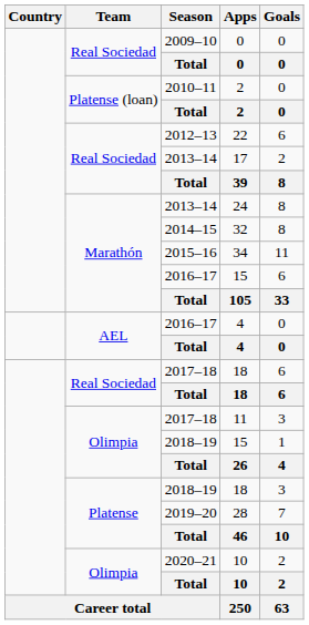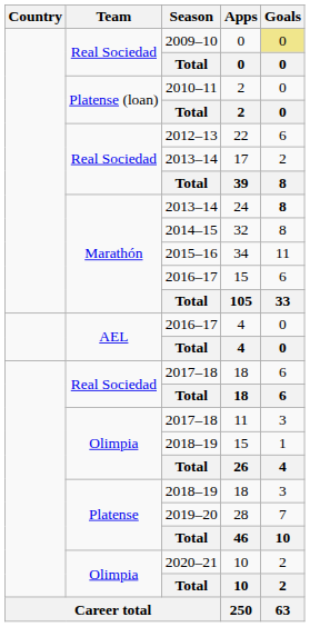 <table class="wikitable" style="text-align: center;">
 <tr>
 <th>Country</th>
 <th>Team</th>
 <th>Season</th>
 <th>Apps</th>
 <th>Goals</th>
 </tr>
 <tr>
 <td rowspan="12"></td>
 <td rowspan="2"><a href='#'>Real Sociedad</a></td>
 <td>2009–10</td>
 <td>0</td>
-<td>0</td>
+<td style="background: khaki;">0</td>
 </tr>
 <tr>
 <th>Total</th>
 <th>0</th>
 <th>0</th>
 </tr>
 <tr>
 <td rowspan="2"><a href='#'>Platense</a> (loan)</td>
 <td>2010–11</td>
 <td>2</td>
 <td>0</td>
 </tr>
 <tr>
 <th>Total</th>
 <th>2</th>
 <th>0</th>
 </tr>
 <tr>
 <td rowspan="3"><a href='#'>Real Sociedad</a></td>
 <td>2012–13</td>
 <td>22</td>
 <td>6</td>
 </tr>
 <tr>
 <td>2013–14</td>
 <td>17</td>
 <td>2</td>
 </tr>
 <tr>
 <th>Total</th>
 <th>39</th>
 <th>8</th>
 </tr>
 <tr>
 <td rowspan="5"><a href='#'>Marathón</a></td>
 <td>2013–14</td>
 <td>24</td>
-<td>8</td>
+<td><strong>8</strong></td>
 </tr>
 <tr>
 <td>2014–15</td>
 <td>32</td>
 <td>8</td>
 </tr>
 <tr>
 <td>2015–16</td>
 <td>34</td>
 <td>11</td>
 </tr>
 <tr>
 <td>2016–17</td>
 <td>15</td>
 <td>6</td>
 </tr>
 <tr>
 <th>Total</th>
 <th>105</th>
 <th>33</th>
 </tr>
 <tr>
 <td rowspan="2"></td>
 <td rowspan="2"><a href='#'>AEL</a></td>
 <td>2016–17</td>
 <td>4</td>
 <td>0</td>
 </tr>
 <tr>
 <th>Total</th>
 <th>4</th>
 <th>0</th>
 </tr>
 <tr>
 <td rowspan="10"></td>
 <td rowspan="2"><a href='#'>Real Sociedad</a></td>
 <td>2017–18</td>
 <td>18</td>
 <td>6</td>
 </tr>
 <tr>
 <th>Total</th>
 <th>18</th>
 <th>6</th>
 </tr>
 <tr>
 <td rowspan="3"><a href='#'>Olimpia</a></td>
 <td>2017–18</td>
 <td>11</td>
 <td>3</td>
 </tr>
 <tr>
 <td>2018–19</td>
 <td>15</td>
 <td>1</td>
 </tr>
 <tr>
 <th>Total</th>
 <th>26</th>
 <th>4</th>
 </tr>
 <tr>
 <td rowspan="3"><a href='#'>Platense</a></td>
 <td>2018–19</td>
 <td>18</td>
 <td>3</td>
 </tr>
 <tr>
 <td>2019–20</td>
 <td>28</td>
 <td>7</td>
 </tr>
 <tr>
 <th>Total</th>
 <th>46</th>
 <th>10</th>
 </tr>
 <tr>
 <td rowspan="2"><a href='#'>Olimpia</a></td>
 <td>2020–21</td>
 <td>10</td>
 <td>2</td>
 </tr>
 <tr>
 <th>Total</th>
 <th>10</th>
 <th>2</th>
 </tr>
 <tr>
 <th colspan="3">Career total</th>
 <th>250</th>
 <th>63</th>
 </tr>
 </table>
